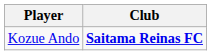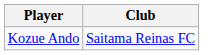 <table class="wikitable">
 <tr>
 <th>Player</th>
 <th>Club</th>
 </tr>
 <tr>
 <td> <a href='#'>Kozue Ando</a></td>
-<td><strong><a href='#'>Saitama Reinas FC</a></strong></td>
+<td><a href='#'>Saitama Reinas FC</a></td>
 </tr>
 </table>
